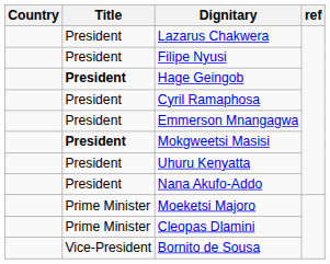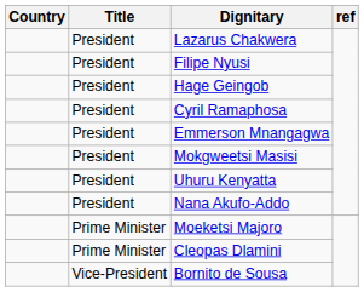 <table class="wikitable sortable">
 <tr>
 <th>Country</th>
 <th>Title</th>
 <th>Dignitary</th>
 <th>ref</th>
 </tr>
 <tr>
 <td></td>
 <td>President</td>
 <td><a href='#'>Lazarus Chakwera</a></td>
 <td rowspan="8"></td>
 </tr>
 <tr>
 <td></td>
 <td>President</td>
 <td><a href='#'>Filipe Nyusi</a></td>
 </tr>
 <tr>
 <td></td>
-<td><strong>President</strong></td>
+<td>President</td>
 <td><a href='#'>Hage Geingob</a></td>
 </tr>
 <tr>
 <td></td>
 <td>President</td>
 <td><a href='#'>Cyril Ramaphosa</a></td>
 </tr>
 <tr>
 <td></td>
 <td>President</td>
 <td><a href='#'>Emmerson Mnangagwa</a></td>
 </tr>
 <tr>
 <td></td>
-<td><strong>President</strong></td>
+<td>President</td>
 <td><a href='#'>Mokgweetsi Masisi</a></td>
 </tr>
 <tr>
 <td></td>
 <td>President</td>
 <td><a href='#'>Uhuru Kenyatta</a></td>
 </tr>
 <tr>
 <td></td>
 <td>President</td>
 <td><a href='#'>Nana Akufo-Addo</a></td>
 </tr>
 <tr>
 <td></td>
 <td>Prime Minister</td>
 <td><a href='#'>Moeketsi Majoro</a></td>
 </tr>
 <tr>
 <td></td>
 <td>Prime Minister</td>
 <td><a href='#'>Cleopas Dlamini</a></td>
 </tr>
 <tr>
 <td></td>
 <td>Vice-President</td>
 <td><a href='#'>Bornito de Sousa</a></td>
 </tr>
 </table>
